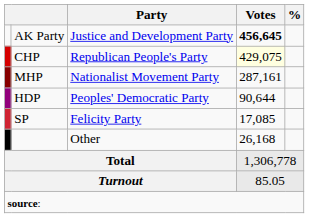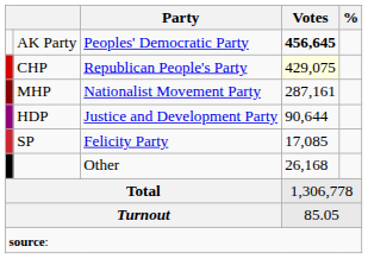 <table class="wikitable">
 <tr>
 <th colspan="2" align="center"></th>
 <th align="center">Party</th>
 <th align="center">Votes</th>
 <th align="center">%</th>
 </tr>
 <tr align="left">
 <td></td>
 <td>AK Party</td>
-<td><a href='#'>Justice and Development Party</a></td>
+<td><a href='#'>Peoples' Democratic Party</a></td>
 <td><strong>456,645</strong></td>
 <td><strong></strong></td>
 </tr>
 <tr align="left">
 <td bgcolor="#d50000" width="1"></td>
 <td>CHP</td>
 <td><a href='#'>Republican People's Party</a></td>
 <td style="background: lightyellow;">429,075</td>
 <td></td>
 </tr>
 <tr align="left">
 <td bgcolor="#870000" width="1"></td>
 <td>MHP</td>
 <td><a href='#'>Nationalist Movement Party</a></td>
 <td>287,161</td>
 <td></td>
 </tr>
 <tr align="left">
 <td bgcolor="#91007B" width="1"></td>
 <td>HDP</td>
-<td><a href='#'>Peoples' Democratic Party</a></td>
+<td><a href='#'>Justice and Development Party</a></td>
 <td>90,644</td>
 <td></td>
 </tr>
 <tr align="left">
 <td bgcolor="#D02433" width="1"></td>
 <td>SP</td>
 <td><a href='#'>Felicity Party</a></td>
 <td>17,085</td>
 <td></td>
 </tr>
 <tr align="left">
 <td bgcolor=" " width="1"></td>
 <td></td>
 <td>Other</td>
 <td>26,168</td>
 <td></td>
 </tr>
 <tr align="left" style="background-color:#E9E9E9">
 <th colspan="3" align="center"><strong>Total</strong></th>
 <td colspan="5" align="center">1,306,778</td>
 </tr>
 <tr align="left" style="background-color:#E9E9E9">
 <th colspan="3" align="center"><em>Turnout</em></th>
 <td colspan="5" align="center">85.05</td>
 </tr>
 <tr>
 <td colspan="9" align="left"><small><strong>source</strong>: </small></td>
 </tr>
 </table>
